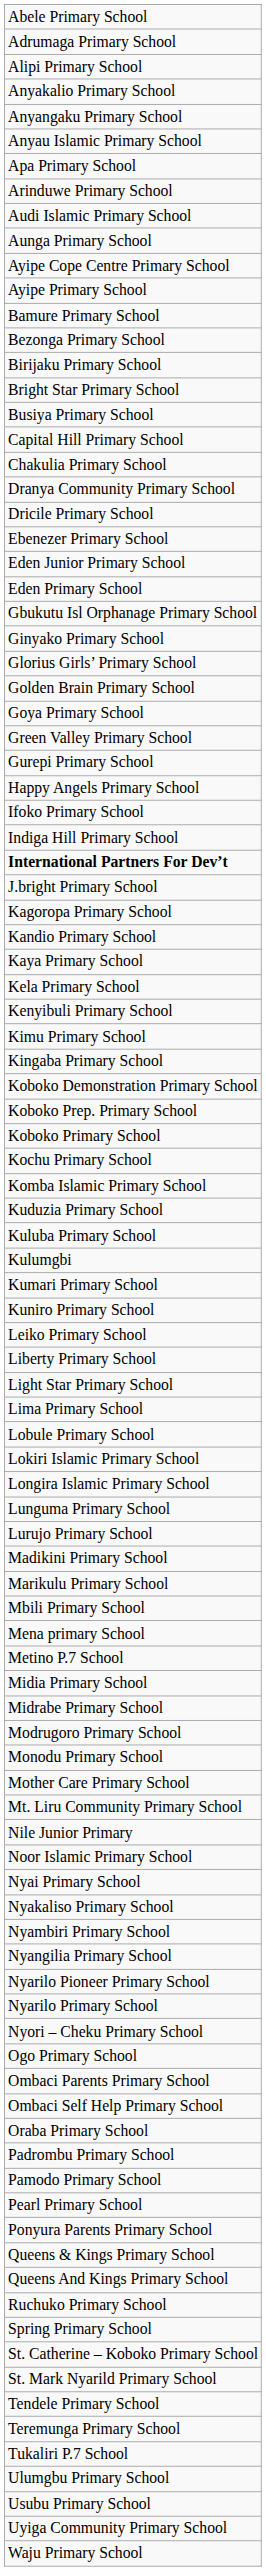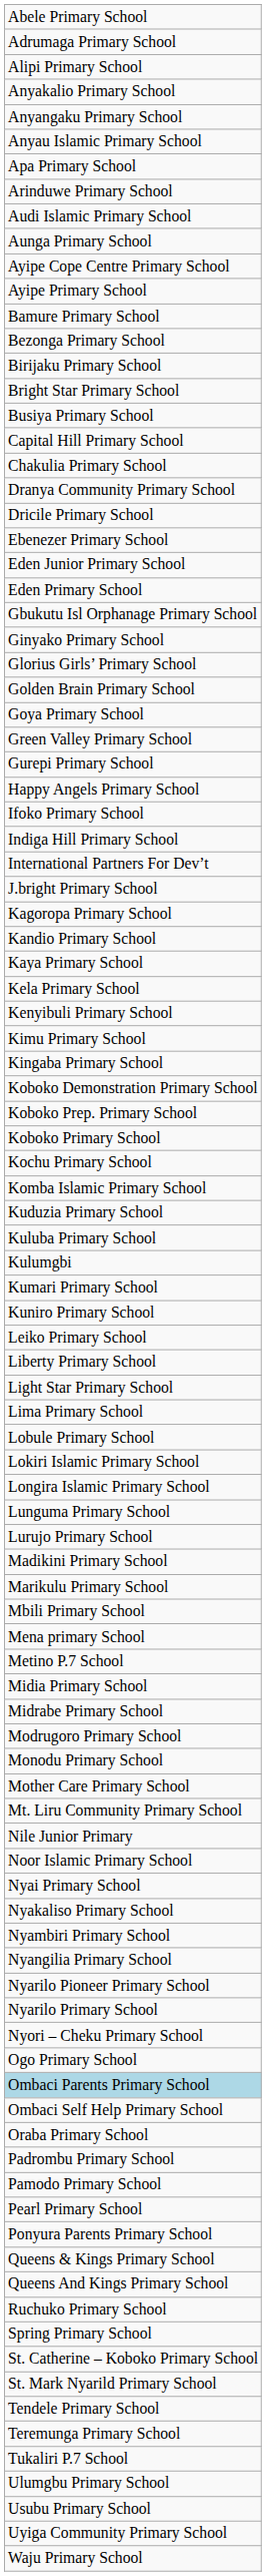 <table class="wikitable">
 <tr>
 <td>Abele Primary School</td>
 </tr>
 <tr>
 <td>Adrumaga Primary School</td>
 </tr>
 <tr>
 <td>Alipi Primary School</td>
 </tr>
 <tr>
 <td>Anyakalio Primary School</td>
 </tr>
 <tr>
 <td>Anyangaku Primary School</td>
 </tr>
 <tr>
 <td>Anyau Islamic Primary School</td>
 </tr>
 <tr>
 <td>Apa Primary School</td>
 </tr>
 <tr>
 <td>Arinduwe Primary School</td>
 </tr>
 <tr>
 <td>Audi Islamic Primary School</td>
 </tr>
 <tr>
 <td>Aunga Primary School</td>
 </tr>
 <tr>
 <td>Ayipe Cope Centre Primary School</td>
 </tr>
 <tr>
 <td>Ayipe Primary School</td>
 </tr>
 <tr>
 <td>Bamure Primary School</td>
 </tr>
 <tr>
 <td>Bezonga Primary School</td>
 </tr>
 <tr>
 <td>Birijaku Primary School</td>
 </tr>
 <tr>
 <td>Bright Star Primary School</td>
 </tr>
 <tr>
 <td>Busiya Primary School</td>
 </tr>
 <tr>
 <td>Capital Hill Primary School</td>
 </tr>
 <tr>
 <td>Chakulia Primary School</td>
 </tr>
 <tr>
 <td>Dranya Community Primary School</td>
 </tr>
 <tr>
 <td>Dricile Primary School</td>
 </tr>
 <tr>
 <td>Ebenezer Primary School</td>
 </tr>
 <tr>
 <td>Eden Junior Primary School</td>
 </tr>
 <tr>
 <td>Eden Primary School</td>
 </tr>
 <tr>
 <td>Gbukutu Isl Orphanage Primary School</td>
 </tr>
 <tr>
 <td>Ginyako Primary School</td>
 </tr>
 <tr>
 <td>Glorius Girls’ Primary School</td>
 </tr>
 <tr>
 <td>Golden Brain Primary School</td>
 </tr>
 <tr>
 <td>Goya Primary School</td>
 </tr>
 <tr>
 <td>Green Valley Primary School</td>
 </tr>
 <tr>
 <td>Gurepi Primary School</td>
 </tr>
 <tr>
 <td>Happy Angels Primary School</td>
 </tr>
 <tr>
 <td>Ifoko Primary School</td>
 </tr>
 <tr>
 <td>Indiga Hill Primary School</td>
 </tr>
 <tr>
-<td><strong>International Partners For Dev’t</strong></td>
+<td>International Partners For Dev’t</td>
 </tr>
 <tr>
 <td>J.bright Primary School</td>
 </tr>
 <tr>
 <td>Kagoropa Primary School</td>
 </tr>
 <tr>
 <td>Kandio Primary School</td>
 </tr>
 <tr>
 <td>Kaya Primary School</td>
 </tr>
 <tr>
 <td>Kela Primary School</td>
 </tr>
 <tr>
 <td>Kenyibuli Primary School</td>
 </tr>
 <tr>
 <td>Kimu Primary School</td>
 </tr>
 <tr>
 <td>Kingaba Primary School</td>
 </tr>
 <tr>
 <td>Koboko Demonstration Primary School</td>
 </tr>
 <tr>
 <td>Koboko Prep. Primary School</td>
 </tr>
 <tr>
 <td>Koboko Primary School</td>
 </tr>
 <tr>
 <td>Kochu Primary School</td>
 </tr>
 <tr>
 <td>Komba Islamic Primary School</td>
 </tr>
 <tr>
 <td>Kuduzia Primary School</td>
 </tr>
 <tr>
 <td>Kuluba Primary School</td>
 </tr>
 <tr>
 <td>Kulumgbi</td>
 </tr>
 <tr>
 <td>Kumari Primary School</td>
 </tr>
 <tr>
 <td>Kuniro Primary School</td>
 </tr>
 <tr>
 <td>Leiko Primary School</td>
 </tr>
 <tr>
 <td>Liberty Primary School</td>
 </tr>
 <tr>
 <td>Light Star Primary School</td>
 </tr>
 <tr>
 <td>Lima Primary School</td>
 </tr>
 <tr>
 <td>Lobule Primary School</td>
 </tr>
 <tr>
 <td>Lokiri Islamic Primary School</td>
 </tr>
 <tr>
 <td>Longira Islamic Primary School</td>
 </tr>
 <tr>
 <td>Lunguma Primary School</td>
 </tr>
 <tr>
 <td>Lurujo Primary School</td>
 </tr>
 <tr>
 <td>Madikini Primary School</td>
 </tr>
 <tr>
 <td>Marikulu Primary School</td>
 </tr>
 <tr>
 <td>Mbili Primary School</td>
 </tr>
 <tr>
 <td>Mena primary School</td>
 </tr>
 <tr>
 <td>Metino P.7 School</td>
 </tr>
 <tr>
 <td>Midia Primary School</td>
 </tr>
 <tr>
 <td>Midrabe Primary School</td>
 </tr>
 <tr>
 <td>Modrugoro Primary School</td>
 </tr>
 <tr>
 <td>Monodu Primary School</td>
 </tr>
 <tr>
 <td>Mother Care Primary School</td>
 </tr>
 <tr>
 <td>Mt. Liru Community Primary School</td>
 </tr>
 <tr>
 <td>Nile Junior Primary</td>
 </tr>
 <tr>
 <td>Noor Islamic Primary School</td>
 </tr>
 <tr>
 <td>Nyai Primary School</td>
 </tr>
 <tr>
 <td>Nyakaliso Primary School</td>
 </tr>
 <tr>
 <td>Nyambiri Primary School</td>
 </tr>
 <tr>
 <td>Nyangilia Primary School</td>
 </tr>
 <tr>
 <td>Nyarilo Pioneer Primary School</td>
 </tr>
 <tr>
 <td>Nyarilo Primary School</td>
 </tr>
 <tr>
 <td>Nyori – Cheku Primary School</td>
 </tr>
 <tr>
 <td>Ogo Primary School</td>
 </tr>
 <tr>
-<td>Ombaci Parents Primary School</td>
+<td style="background: lightblue;">Ombaci Parents Primary School</td>
 </tr>
 <tr>
 <td>Ombaci Self Help Primary School</td>
 </tr>
 <tr>
 <td>Oraba Primary School</td>
 </tr>
 <tr>
 <td>Padrombu Primary School</td>
 </tr>
 <tr>
 <td>Pamodo Primary School</td>
 </tr>
 <tr>
 <td>Pearl Primary School</td>
 </tr>
 <tr>
 <td>Ponyura Parents Primary School</td>
 </tr>
 <tr>
 <td>Queens & Kings Primary School</td>
 </tr>
 <tr>
 <td>Queens And Kings Primary School</td>
 </tr>
 <tr>
 <td>Ruchuko Primary School</td>
 </tr>
 <tr>
 <td>Spring Primary School</td>
 </tr>
 <tr>
 <td>St. Catherine – Koboko Primary School</td>
 </tr>
 <tr>
 <td>St. Mark Nyarild Primary School</td>
 </tr>
 <tr>
 <td>Tendele Primary School</td>
 </tr>
 <tr>
 <td>Teremunga Primary School</td>
 </tr>
 <tr>
 <td>Tukaliri P.7 School</td>
 </tr>
 <tr>
 <td>Ulumgbu Primary School</td>
 </tr>
 <tr>
 <td>Usubu Primary School</td>
 </tr>
 <tr>
 <td>Uyiga Community Primary School</td>
 </tr>
 <tr>
 <td>Waju Primary School</td>
 </tr>
 </table>
